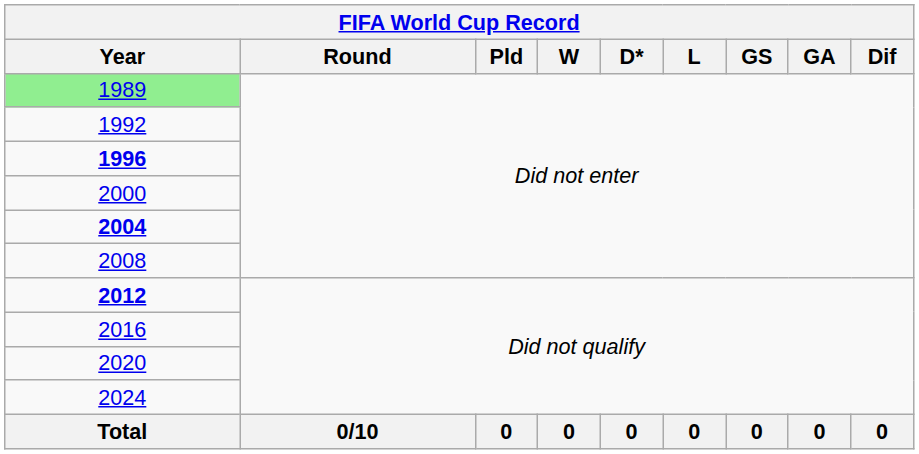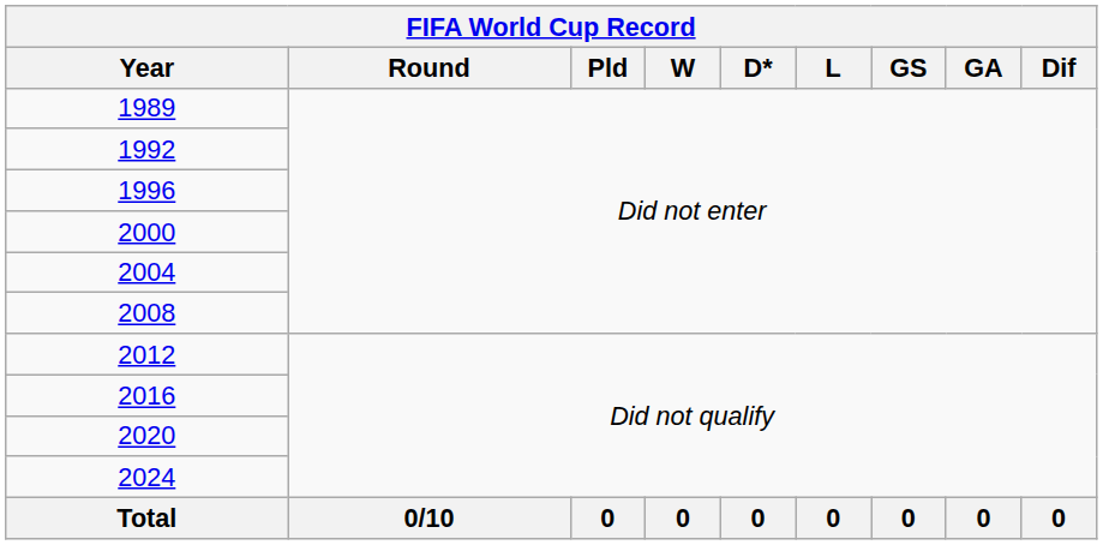 <table class="wikitable" style="text-align: center;font-size:90%;">
 <tr>
 <th colspan=9><a href='#'>FIFA World Cup Record</a></th>
 </tr>
 <tr>
 <th width=150>Year</th>
 <th width=150>Round</th>
 <th width=35>Pld</th>
 <th width=35>W</th>
 <th width=35>D*</th>
 <th width=35>L</th>
 <th width=35>GS</th>
 <th width=35>GA</th>
 <th width=35>Dif</th>
 </tr>
 <tr>
-<td style="background: lightgreen;"> <a href='#'>1989</a></td>
+<td> <a href='#'>1989</a></td>
 <td colspan=9 rowspan=6><em>Did not enter</em></td>
 </tr>
 <tr bgcolor=>
 <td> <a href='#'>1992</a></td>
 </tr>
 <tr - bgcolor=>
-<td><strong> <a href='#'>1996</a></strong></td>
+<td> <a href='#'>1996</a></td>
 </tr>
 <tr - bgcolor=>
 <td> <a href='#'>2000</a></td>
 </tr>
 <tr - bgcolor=>
-<td><strong> <a href='#'>2004</a></strong></td>
+<td> <a href='#'>2004</a></td>
 </tr>
 <tr - bgcolor=>
 <td> <a href='#'>2008</a></td>
 </tr>
 <tr - bgcolor=>
-<td><strong> <a href='#'>2012</a></strong></td>
+<td> <a href='#'>2012</a></td>
 <td colspan=9 rowspan=4><em>Did not qualify</em></td>
 </tr>
 <tr - bgcolor=>
 <td> <a href='#'>2016</a></td>
 </tr>
 <tr - bgcolor=>
 <td> <a href='#'>2020</a></td>
 </tr>
 <tr - bgcolor=>
 <td> <a href='#'>2024</a></td>
 </tr>
 <tr>
 <th>Total</th>
 <th>0/10</th>
 <th>0</th>
 <th>0</th>
 <th>0</th>
 <th>0</th>
 <th>0</th>
 <th>0</th>
 <th>0</th>
 </tr>
 </table>
